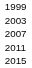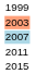 <table>
 <tr>
 <td>1999</td>
 <td></td>
 <td></td>
 <td><br></td>
 </tr>
 <tr>
-<td>2003</td>
+<td style="background: lightsalmon;">2003</td>
 <td></td>
 <td></td>
 <td><br></td>
 </tr>
 <tr>
-<td rowspan=1>2007</td>
+<td rowspan=1 style="background: lightblue;">2007</td>
 <td></td>
 <td></td>
 <td><br></td>
 </tr>
 <tr>
 <td rowspan=2>2011<br></td>
 <td rowspan=2></td>
 <td rowspan=2></td>
 <td></td>
 </tr>
 <tr>
 <td></td>
 </tr>
 <tr>
 <td rowspan=2>2015<br></td>
 <td rowspan=2></td>
 <td rowspan=2></td>
 <td></td>
 </tr>
 <tr>
 <td></td>
 </tr>
 </table>
